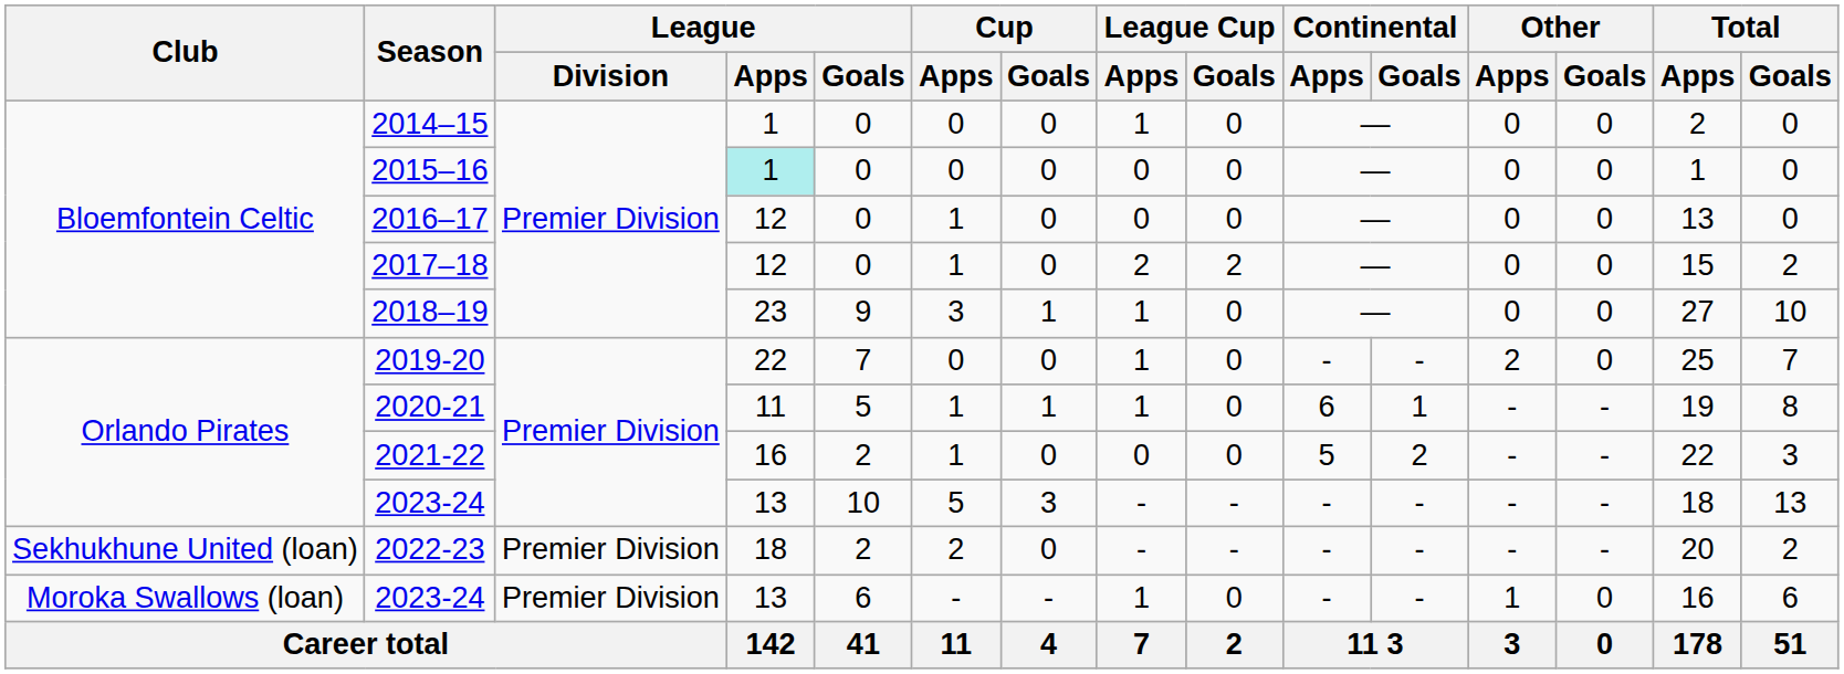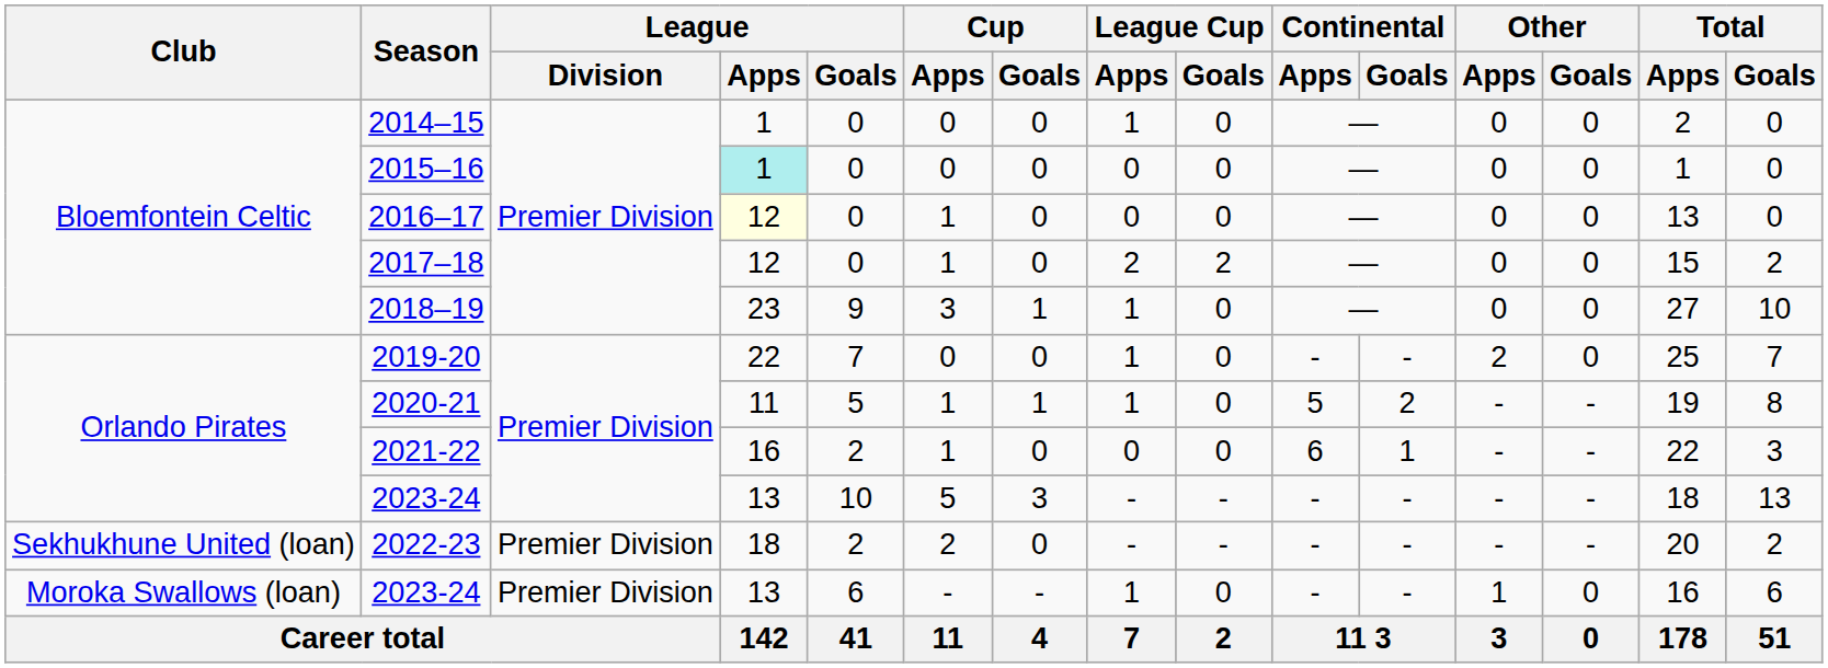 <table class="wikitable" style="text-align:center">
 <tr>
 <th rowspan="2">Club</th>
 <th rowspan="2">Season</th>
 <th colspan="3">League</th>
 <th colspan="2">Cup</th>
 <th colspan="2">League Cup</th>
 <th colspan="2">Continental</th>
 <th colspan="2">Other</th>
 <th colspan="2">Total</th>
 </tr>
 <tr>
 <th>Division</th>
 <th>Apps</th>
 <th>Goals</th>
 <th>Apps</th>
 <th>Goals</th>
 <th>Apps</th>
 <th>Goals</th>
 <th>Apps</th>
 <th>Goals</th>
 <th>Apps</th>
 <th>Goals</th>
 <th>Apps</th>
 <th>Goals</th>
 </tr>
 <tr>
 <td rowspan="5"><a href='#'>Bloemfontein Celtic</a></td>
 <td><a href='#'>2014–15</a></td>
 <td rowspan="5"><a href='#'>Premier Division</a></td>
 <td>1</td>
 <td>0</td>
 <td>0</td>
 <td>0</td>
 <td>1</td>
 <td>0</td>
 <td colspan="2">—</td>
 <td>0</td>
 <td>0</td>
 <td>2</td>
 <td>0</td>
 </tr>
 <tr>
 <td><a href='#'>2015–16</a></td>
 <td style="background: paleturquoise;">1</td>
 <td>0</td>
 <td>0</td>
 <td>0</td>
 <td>0</td>
 <td>0</td>
 <td colspan="2">—</td>
 <td>0</td>
 <td>0</td>
 <td>1</td>
 <td>0</td>
 </tr>
 <tr>
 <td><a href='#'>2016–17</a></td>
-<td>12</td>
+<td style="background: lightyellow;">12</td>
 <td>0</td>
 <td>1</td>
 <td>0</td>
 <td>0</td>
 <td>0</td>
 <td colspan="2">—</td>
 <td>0</td>
 <td>0</td>
 <td>13</td>
 <td>0</td>
 </tr>
 <tr>
 <td><a href='#'>2017–18</a></td>
 <td>12</td>
 <td>0</td>
 <td>1</td>
 <td>0</td>
 <td>2</td>
 <td>2</td>
 <td colspan="2">—</td>
 <td>0</td>
 <td>0</td>
 <td>15</td>
 <td>2</td>
 </tr>
 <tr>
 <td><a href='#'>2018–19</a></td>
 <td>23</td>
 <td>9</td>
 <td>3</td>
 <td>1</td>
 <td>1</td>
 <td>0</td>
 <td colspan="2">—</td>
 <td>0</td>
 <td>0</td>
 <td>27</td>
 <td>10</td>
 </tr>
 <tr>
 <td rowspan="4"><a href='#'>Orlando Pirates</a></td>
 <td><a href='#'>2019-20</a></td>
 <td rowspan="4"><a href='#'>Premier Division</a></td>
 <td>22</td>
 <td>7</td>
 <td>0</td>
 <td>0</td>
 <td>1</td>
 <td>0</td>
 <td>-</td>
 <td>-</td>
 <td>2</td>
 <td>0</td>
 <td>25</td>
 <td>7</td>
 </tr>
 <tr>
 <td><a href='#'>2020-21</a></td>
 <td>11</td>
 <td>5</td>
 <td>1</td>
 <td>1</td>
 <td>1</td>
 <td>0</td>
-<td>6</td>
-<td>1</td>
+<td>5</td>
+<td>2</td>
 <td>-</td>
 <td>-</td>
 <td>19</td>
 <td>8</td>
 </tr>
 <tr>
 <td><a href='#'>2021-22</a></td>
 <td>16</td>
 <td>2</td>
 <td>1</td>
 <td>0</td>
 <td>0</td>
 <td>0</td>
-<td>5</td>
-<td>2</td>
+<td>6</td>
+<td>1</td>
 <td>-</td>
 <td>-</td>
 <td>22</td>
 <td>3</td>
 </tr>
 <tr>
 <td><a href='#'>2023-24</a></td>
 <td>13</td>
 <td>10</td>
 <td>5</td>
 <td>3</td>
 <td>-</td>
 <td>-</td>
 <td>-</td>
 <td>-</td>
 <td>-</td>
 <td>-</td>
 <td>18</td>
 <td>13</td>
 </tr>
 <tr>
 <td><a href='#'>Sekhukhune United</a> (loan)</td>
 <td><a href='#'>2022-23</a></td>
 <td>Premier Division</td>
 <td>18</td>
 <td>2</td>
 <td>2</td>
 <td>0</td>
 <td>-</td>
 <td>-</td>
 <td>-</td>
 <td>-</td>
 <td>-</td>
 <td>-</td>
 <td>20</td>
 <td>2</td>
 </tr>
 <tr>
 <td><a href='#'>Moroka Swallows</a> (loan)</td>
 <td><a href='#'>2023-24</a></td>
 <td>Premier Division</td>
 <td>13</td>
 <td>6</td>
 <td>-</td>
 <td>-</td>
 <td>1</td>
 <td>0</td>
 <td>-</td>
 <td>-</td>
 <td>1</td>
 <td>0</td>
 <td>16</td>
 <td>6</td>
 </tr>
 <tr>
 <th colspan="3">Career total</th>
 <th>142</th>
 <th>41</th>
 <th>11</th>
 <th>4</th>
 <th>7</th>
 <th>2</th>
 <th colspan="2">11       3</th>
 <th>3</th>
 <th>0</th>
 <th>178</th>
 <th>51</th>
 </tr>
 </table>
